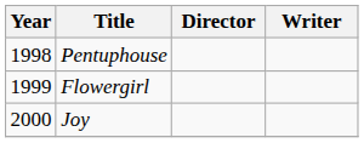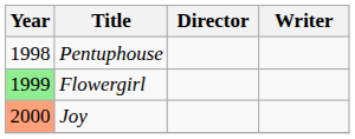 <table class="wikitable">
 <tr>
 <th>Year</th>
 <th>Title</th>
 <th width="65">Director</th>
 <th width="65">Writer</th>
 </tr>
 <tr>
 <td>1998</td>
 <td><em>Pentuphouse</em></td>
 <td></td>
 <td></td>
 </tr>
 <tr>
-<td>1999</td>
+<td style="background: lightgreen;">1999</td>
 <td><em>Flowergirl</em></td>
 <td></td>
 <td></td>
 </tr>
 <tr>
-<td>2000</td>
+<td style="background: lightsalmon;">2000</td>
 <td><em>Joy</em></td>
 <td></td>
 <td></td>
 </tr>
 <tr>
 </tr>
 </table>
